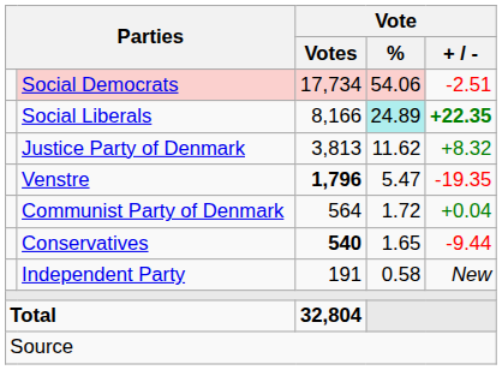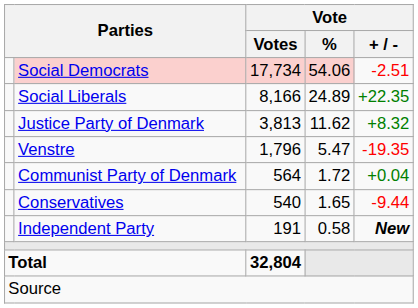 <table class="wikitable" style="text-align:right;">
 <tr>
 <th style="text-align:centre;" rowspan="2" colspan="2" width="225">Parties</th>
 <th colspan="3">Vote</th>
 </tr>
 <tr>
 <th width="15">Votes</th>
 <th width="15">%</th>
 <th width="15">+ / -</th>
 </tr>
 <tr>
 <td width="2" style="color:inherit;background:"></td>
 <td bgcolor=#fbd0ce  align="left"><a href='#'>Social Democrats</a></td>
 <td bgcolor=#fbd0ce>17,734</td>
 <td bgcolor=#fbd0ce>54.06</td>
 <td style=color:red;>-2.51</td>
 </tr>
 <tr>
 <td width="2" style="color:inherit;background:"></td>
 <td align="left"><a href='#'>Social Liberals</a></td>
 <td>8,166</td>
-<td style="background: paleturquoise;">24.89</td>
-<td style=color:green;><strong>+22.35</strong></td>
+<td>24.89</td>
+<td style=color:green;>+22.35</td>
 </tr>
 <tr>
 <td width="2" style="color:inherit;background:"></td>
 <td align="left"><a href='#'>Justice Party of Denmark</a></td>
 <td>3,813</td>
 <td>11.62</td>
 <td style=color:green;>+8.32</td>
 </tr>
 <tr>
 <td width="2" style="color:inherit;background:"></td>
 <td align="left"><a href='#'>Venstre</a></td>
-<td><strong>1,796</strong></td>
+<td>1,796</td>
 <td>5.47</td>
 <td style=color:red;>-19.35</td>
 </tr>
 <tr>
 <td width="2" style="color:inherit;background:"></td>
 <td align="left"><a href='#'>Communist Party of Denmark</a></td>
 <td>564</td>
 <td>1.72</td>
 <td style=color:green;>+0.04</td>
 </tr>
 <tr>
 <td width="2" style="color:inherit;background:"></td>
 <td align="left"><a href='#'>Conservatives</a></td>
-<td><strong>540</strong></td>
+<td>540</td>
 <td>1.65</td>
 <td style=color:red;>-9.44</td>
 </tr>
 <tr>
 <td width="2" style="color:inherit;background:"></td>
 <td align="left"><a href='#'>Independent Party</a></td>
 <td>191</td>
 <td>0.58</td>
-<td><em>New</em></td>
+<td><strong><em>New</em></strong></td>
 </tr>
 <tr>
 <td colspan="7" bgcolor="#E9E9E9"></td>
 </tr>
 <tr>
 <td align="left" colspan="2"><strong>Total</strong></td>
 <td><strong>32,804</strong></td>
 <td bgcolor="#E9E9E9" colspan="2"></td>
 </tr>
 <tr>
 <td align="left" colspan="6">Source</td>
 </tr>
 </table>
